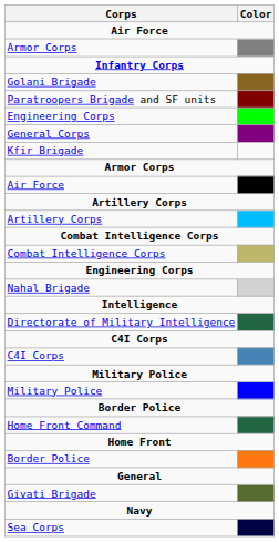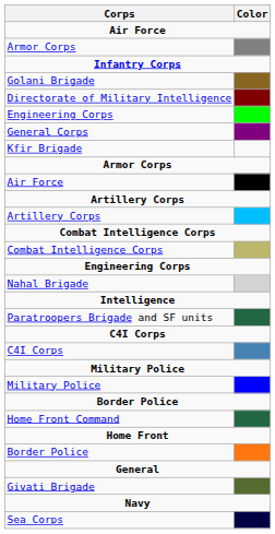 <table class="wikitable">
 <tr>
 <th>Corps</th>
 <th>Color</th>
 </tr>
 <tr>
 <td colspan="2" style="text-align:center;"><strong>Air Force</strong></td>
 </tr>
 <tr>
 <td><a href='#'>Armor Corps</a></td>
 <td style="background:gray;"> </td>
 </tr>
 <tr>
 <td colspan="2" style="text-align:center;"><strong><a href='#'>Infantry Corps</a></strong></td>
 </tr>
 <tr>
 <td><a href='#'>Golani Brigade</a></td>
 <td style="background:#862;"> </td>
 </tr>
 <tr>
-<td><a href='#'>Paratroopers Brigade</a> and SF units</td>
+<td><a href='#'>Directorate of Military Intelligence</a></td>
 <td style="background:maroon;"> </td>
 </tr>
 <tr>
 <td><a href='#'>Engineering Corps</a></td>
 <td style="background:lime;"> </td>
 </tr>
 <tr>
 <td><a href='#'>General Corps</a></td>
 <td style="background:Purple;"> </td>
 </tr>
 <tr>
 <td><a href='#'>Kfir Brigade</a></td>
 <td></td>
 </tr>
 <tr>
 <td colspan="2" style="text-align:center;"><strong>Armor Corps</strong></td>
 </tr>
 <tr>
 <td><a href='#'>Air Force</a></td>
 <td style="background:black;"> </td>
 </tr>
 <tr>
 <td colspan="2" style="text-align:center;"><strong>Artillery Corps</strong></td>
 </tr>
 <tr>
 <td><a href='#'>Artillery Corps</a></td>
 <td style="background:DeepSkyBlue;"> </td>
 </tr>
 <tr>
 <td colspan="2" style="text-align:center;"><strong>Combat Intelligence Corps</strong></td>
 </tr>
 <tr>
 <td><a href='#'>Combat Intelligence Corps</a></td>
 <td style="background:darkkhaki;"> </td>
 </tr>
 <tr>
 <td colspan="2" style="text-align:center;"><strong>Engineering Corps</strong></td>
 </tr>
 <tr>
 <td><a href='#'>Nahal Brigade</a></td>
 <td style="background:LightGrey;"> </td>
 </tr>
 <tr>
 <td colspan="2" style="text-align:center;"><strong>Intelligence</strong></td>
 </tr>
 <tr>
-<td><a href='#'>Directorate of Military Intelligence</a></td>
+<td><a href='#'>Paratroopers Brigade</a> and SF units</td>
 <td style="background:#264;"> </td>
 </tr>
 <tr>
 <td colspan="2" style="text-align:center;"><strong>C4I Corps</strong></td>
 </tr>
 <tr>
 <td><a href='#'>C4I Corps</a></td>
 <td style="background:SteelBlue;"> </td>
 </tr>
 <tr>
 <td colspan="2" style="text-align:center;"><strong>Military Police</strong></td>
 </tr>
 <tr>
 <td><a href='#'>Military Police</a></td>
 <td style="background:blue"> </td>
 </tr>
 <tr>
 <td colspan="2" style="text-align:center;"><strong>Border Police</strong></td>
 </tr>
 <tr>
 <td><a href='#'>Home Front Command</a></td>
 <td style="background:#264;"> </td>
 </tr>
 <tr>
 <td colspan="2" style="text-align:center;"><strong>Home Front</strong></td>
 </tr>
 <tr>
 <td><a href='#'>Border Police</a></td>
 <td style="background:#f71;"> </td>
 </tr>
 <tr>
 <td colspan="2" style="text-align:center;"><strong>General</strong></td>
 </tr>
 <tr>
 <td><a href='#'>Givati Brigade</a></td>
 <td style="background:DarkOliveGreen;"> </td>
 </tr>
 <tr>
 <td colspan="2" style="text-align:center;"><strong>Navy</strong></td>
 </tr>
 <tr>
 <td><a href='#'>Sea Corps</a></td>
 <td style="background:#004;"> </td>
 </tr>
 </table>
